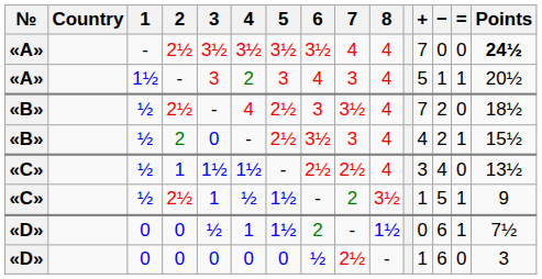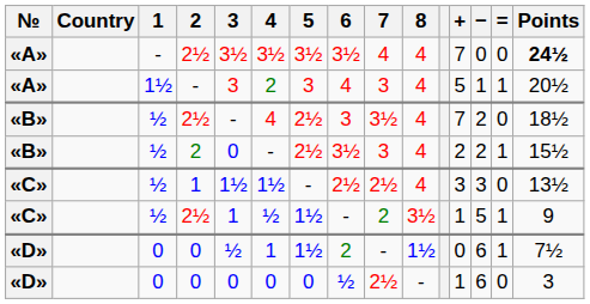 <table class="wikitable" style="text-align:center">
 <tr>
 <th>№</th>
 <th>Country</th>
 <th>1</th>
 <th>2</th>
 <th>3</th>
 <th>4</th>
 <th>5</th>
 <th>6</th>
 <th>7</th>
 <th>8</th>
 <th></th>
 <th>+</th>
 <th>−</th>
 <th>=</th>
 <th>Points</th>
 </tr>
 <tr>
 <th>«A»</th>
 <td style="text-align: left"></td>
 <td>-</td>
 <td style="color:red;">2½</td>
 <td style="color:red;">3½</td>
 <td style="color:red;">3½</td>
 <td style="color:red;">3½</td>
 <td style="color:red;">3½</td>
 <td style="color:red;">4</td>
 <td style="color:red;">4</td>
 <th></th>
 <td>7</td>
 <td>0</td>
 <td>0</td>
 <td><strong>24½ </strong></td>
 </tr>
 <tr>
 <th>«A»</th>
 <td style="text-align: left"></td>
 <td style="color:blue;">1½</td>
 <td>-</td>
 <td style="color:red;">3</td>
 <td style="color:green;">2</td>
 <td style="color:red;">3</td>
 <td style="color:red;">4</td>
 <td style="color:red;">3</td>
 <td style="color:red;">4</td>
 <th></th>
 <td>5</td>
 <td>1</td>
 <td>1</td>
 <td>20½</td>
 </tr>
 <tr style="border-top:2px solid grey;">
 <th>«B»</th>
 <td style="text-align: left"></td>
 <td style="color:blue;">½</td>
 <td style="color:red;">2½</td>
 <td>-</td>
 <td style="color:red;">4</td>
 <td style="color:red;">2½</td>
 <td style="color:red;">3</td>
 <td style="color:red;">3½</td>
 <td style="color:red;">4</td>
 <th></th>
 <td>7</td>
 <td>2</td>
 <td>0</td>
 <td>18½</td>
 </tr>
 <tr>
 <th>«B»</th>
 <td style="text-align: left"></td>
 <td style="color:blue;">½</td>
 <td style="color:green;">2</td>
 <td style="color:blue;">0</td>
 <td>-</td>
 <td style="color:red;">2½</td>
 <td style="color:red;">3½</td>
 <td style="color:red;">3</td>
 <td style="color:red;">4</td>
 <th></th>
-<td>4</td>
+<td>2</td>
 <td>2</td>
 <td>1</td>
 <td>15½</td>
 </tr>
 <tr style="border-top:2px solid grey;">
 <th>«C»</th>
 <td style="text-align: left"></td>
 <td style="color:blue;">½</td>
 <td style="color:blue;">1</td>
 <td style="color:blue;">1½</td>
 <td style="color:blue;">1½</td>
 <td>-</td>
 <td style="color:red;">2½</td>
 <td style="color:red;">2½</td>
 <td style="color:red;">4</td>
 <th></th>
 <td>3</td>
-<td>4</td>
+<td>3</td>
 <td>0</td>
 <td>13½</td>
 </tr>
 <tr>
 <th>«C»</th>
 <td style="text-align: left"></td>
 <td style="color:blue;">½</td>
 <td style="color:red;">2½</td>
 <td style="color:blue;">1</td>
 <td style="color:blue;">½</td>
 <td style="color:blue;">1½</td>
 <td>-</td>
 <td style="color:green;">2</td>
 <td style="color:red;">3½</td>
 <th></th>
 <td>1</td>
 <td>5</td>
 <td>1</td>
 <td>9</td>
 </tr>
 <tr style="border-top:2px solid grey;">
 <th>«D»</th>
 <td style="text-align: left"></td>
 <td style="color:blue;">0</td>
 <td style="color:blue;">0</td>
 <td style="color:blue;">½</td>
 <td style="color:blue;">1</td>
 <td style="color:blue;">1½</td>
 <td style="color:green;">2</td>
 <td>-</td>
 <td style="color:blue;">1½</td>
 <th></th>
 <td>0</td>
 <td>6</td>
 <td>1</td>
 <td>7½</td>
 </tr>
 <tr>
 <th>«D»</th>
 <td style="text-align: left"></td>
 <td style="color:blue;">0</td>
 <td style="color:blue;">0</td>
 <td style="color:blue;">0</td>
 <td style="color:blue;">0</td>
 <td style="color:blue;">0</td>
 <td style="color:blue;">½</td>
 <td style="color:red;">2½</td>
 <td>-</td>
 <th></th>
 <td>1</td>
 <td>6</td>
 <td>0</td>
 <td>3</td>
 </tr>
 </table>
